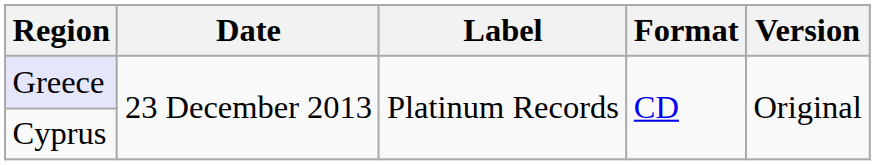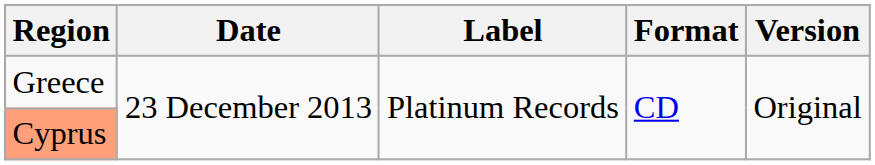 <table class="sortable wikitable">
 <tr>
 <th>Region</th>
 <th>Date</th>
 <th>Label</th>
 <th>Format</th>
 <th>Version</th>
 </tr>
 <tr>
-<td style="background: lavender;">Greece</td>
+<td>Greece</td>
 <td rowspan="2">23 December 2013</td>
 <td rowspan="2">Platinum Records</td>
 <td rowspan="2"><a href='#'>CD</a></td>
 <td rowspan="2">Original</td>
 </tr>
 <tr>
-<td>Cyprus</td>
+<td style="background: lightsalmon;">Cyprus</td>
 </tr>
 </table>
